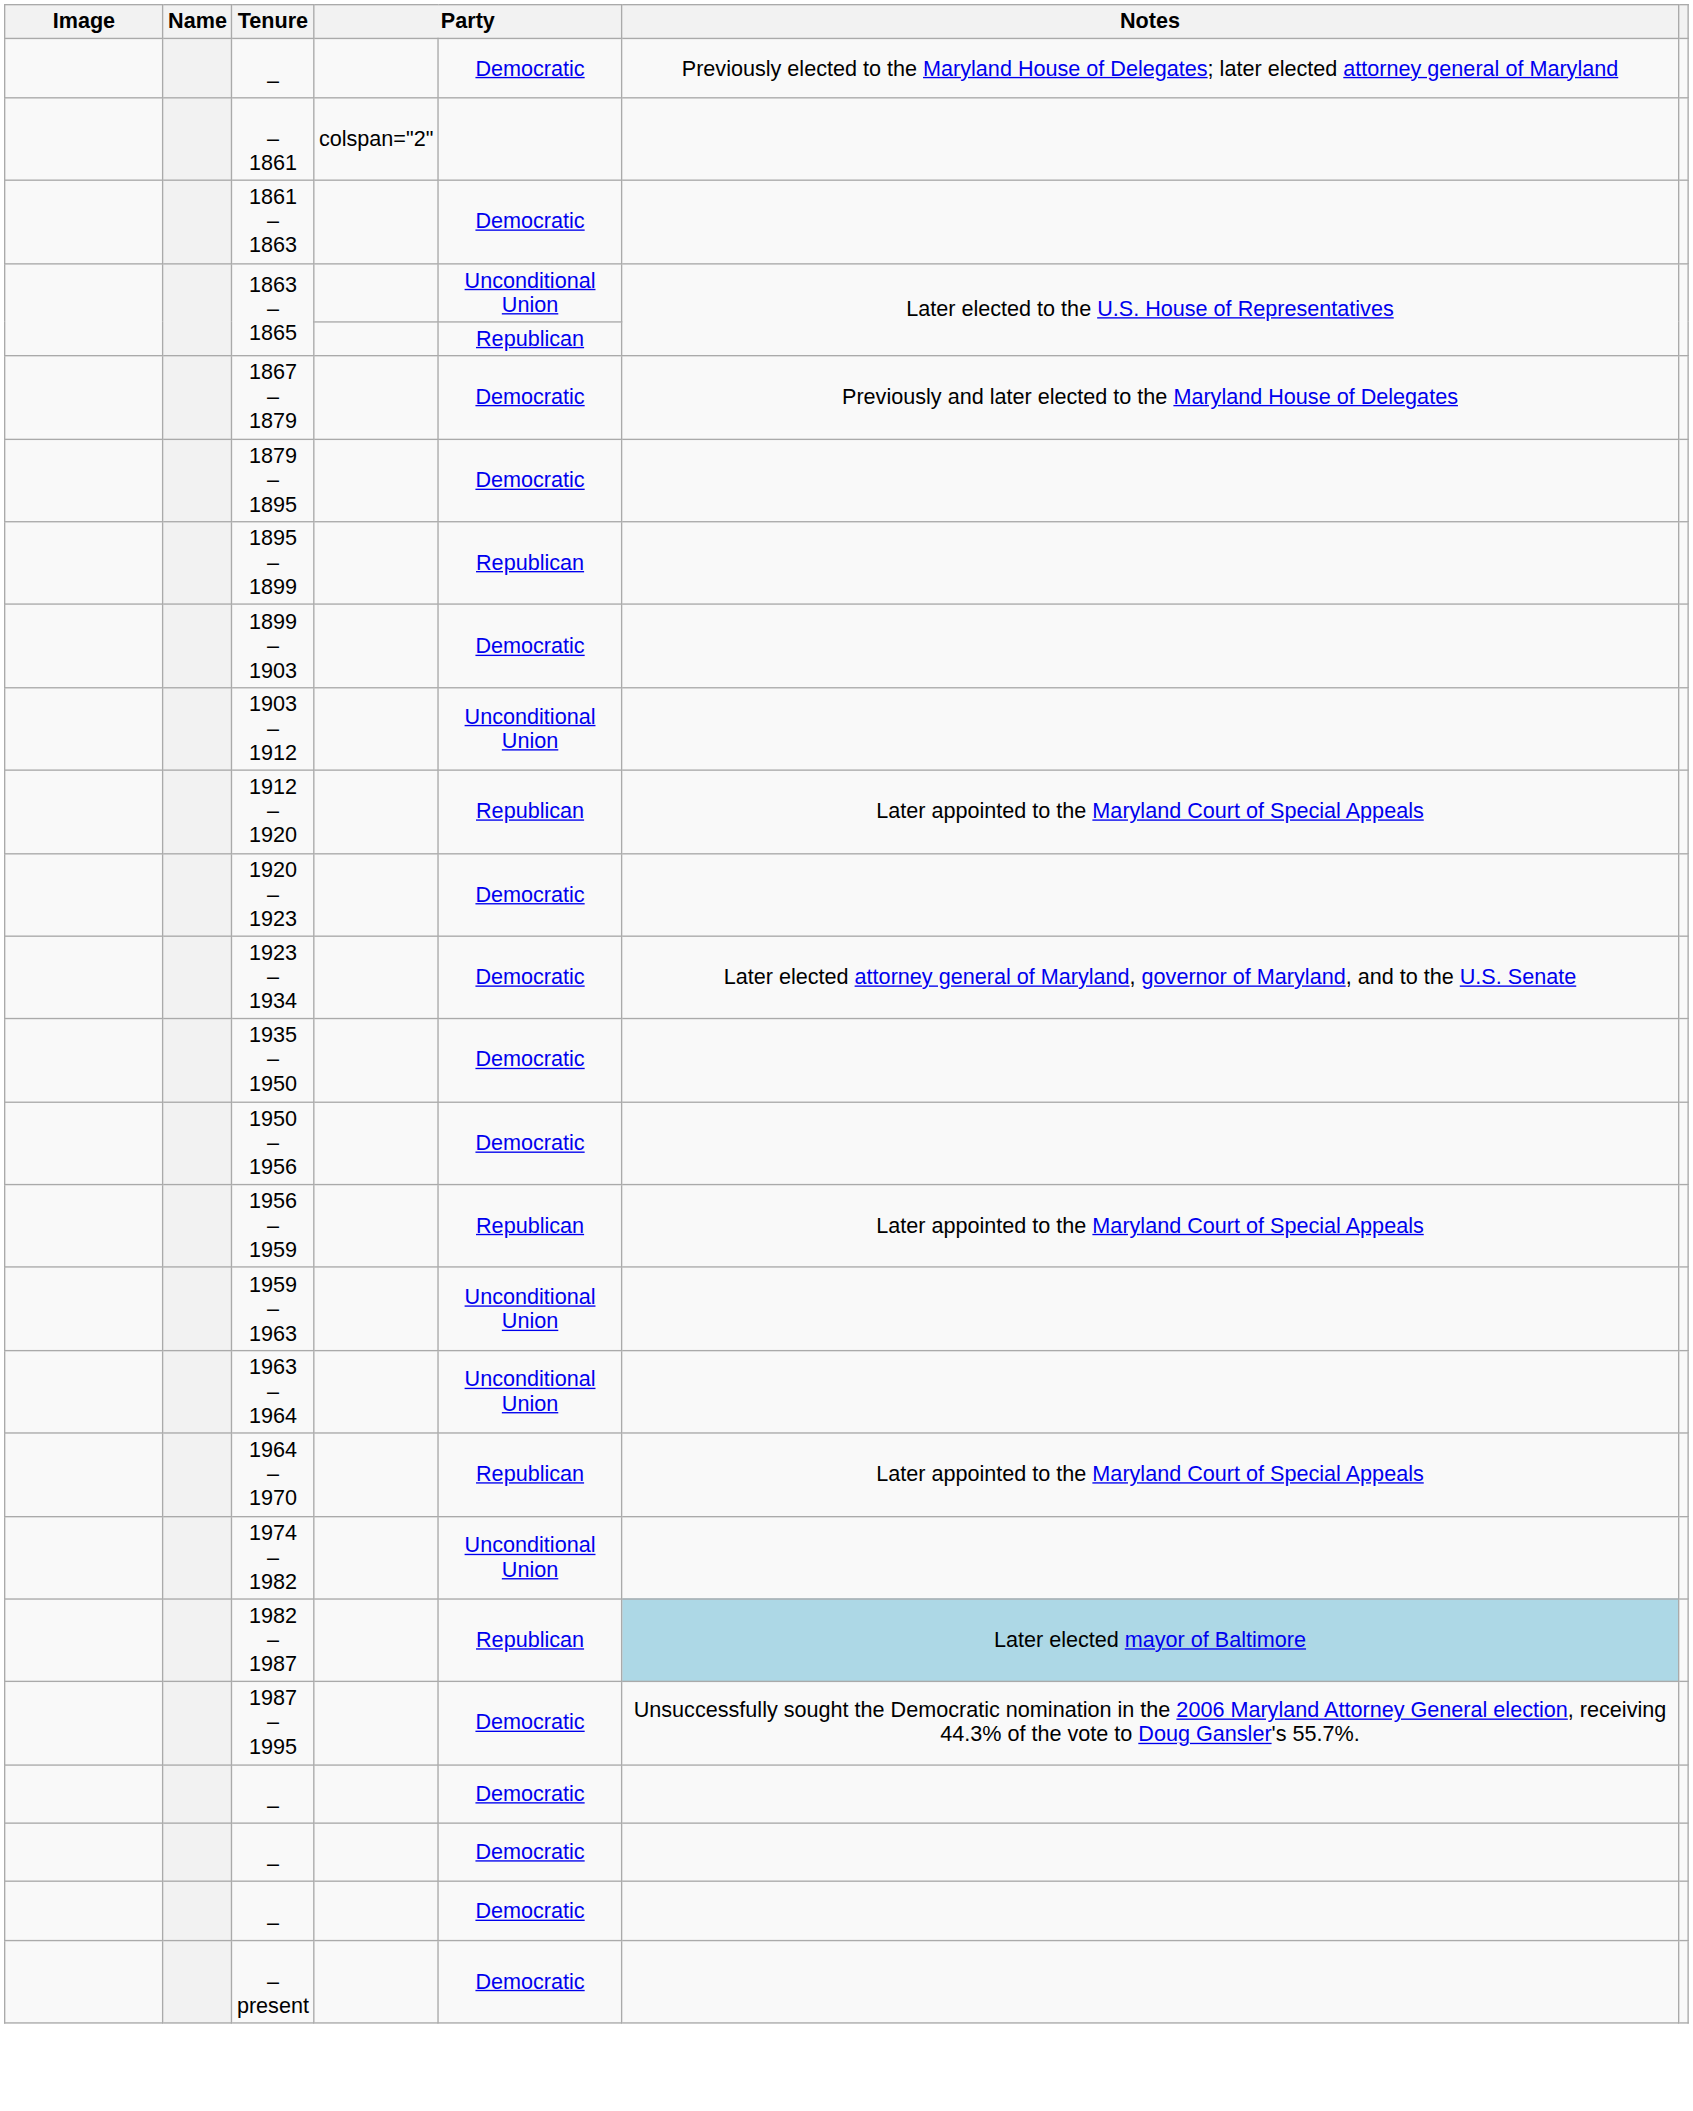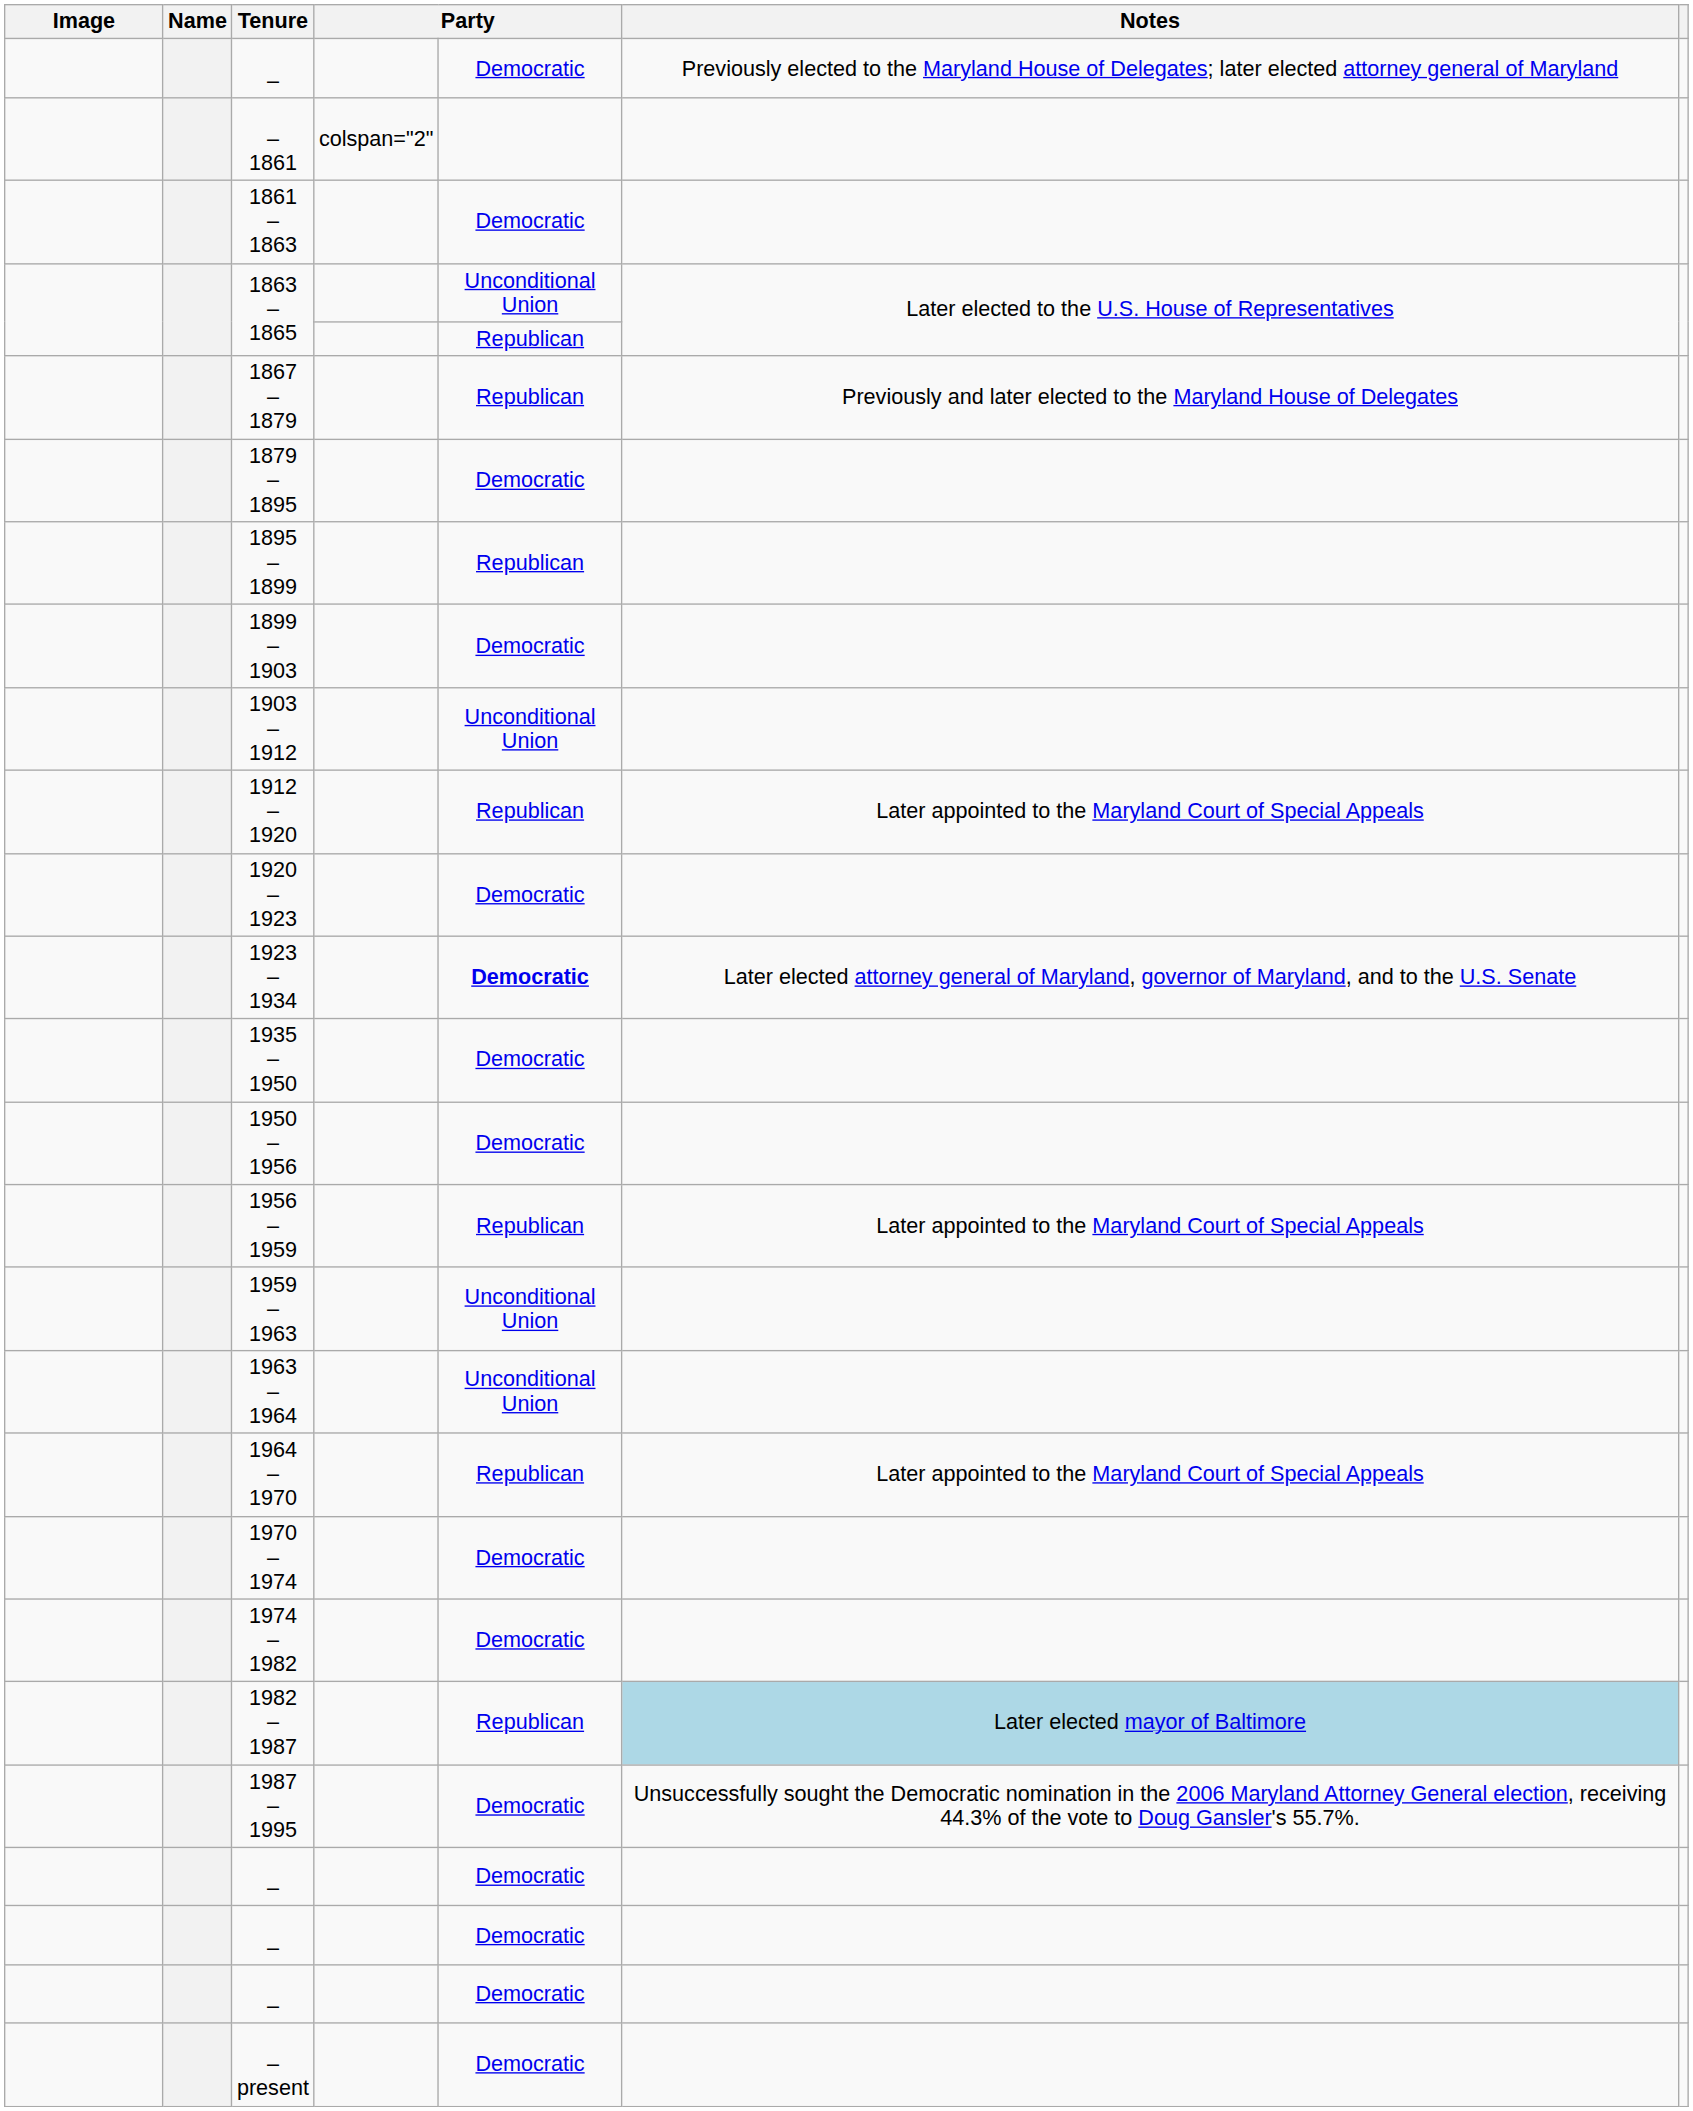 <table class="wikitable sortable sticky-header plainrowheaders" style="text-align: center; clear: both;">
 <tr>
 <th scope="col" class="unsortable" style="width: 110px;">Image</th>
 <th scope="col">Name</th>
 <th scope="col">Tenure</th>
 <th scope="colgroup" colspan="2">Party</th>
 <th scope="col" class="unsortable">Notes</th>
 <th scope="col" class="unsortable"></th>
 </tr>
 <tr>
 <td></td>
 <th scope="row" style="text-align: center;"></th>
 <td><br>–<br></td>
 <td style="background-color: "></td>
 <td><a href='#'>Democratic</a></td>
 <td>Previously elected to the <a href='#'>Maryland House of Delegates</a>; later elected <a href='#'>attorney general of Maryland</a></td>
 <td></td>
 </tr>
 <tr>
 <td></td>
 <th scope="row" style="text-align: center;"></th>
 <td><br>–<br>1861</td>
 <td>colspan="2" </td>
 <td></td>
 <td></td>
 </tr>
 <tr>
 <td></td>
 <th scope="row" style="text-align: center;"></th>
 <td>1861<br>–<br>1863</td>
 <td style="background-color: "></td>
 <td><a href='#'>Democratic</a></td>
 <td></td>
 <td></td>
 </tr>
 <tr>
 <td rowspan="2"></td>
 <th scope="rowgroup" rowspan="2" style="text-align: center;"></th>
 <td rowspan="2">1863<br>–<br>1865</td>
 <td style="background-color: "></td>
 <td><a href='#'>Unconditional Union</a></td>
 <td rowspan="2">Later elected to the <a href='#'>U.S. House of Representatives</a></td>
 <td rowspan="2"></td>
 </tr>
 <tr>
 <td style="background-color: "></td>
 <td><a href='#'>Republican</a></td>
 </tr>
 <tr>
 <td></td>
 <th scope="row" style="text-align: center;"></th>
 <td>1867<br>–<br>1879</td>
 <td style="background-color: "></td>
-<td><a href='#'>Democratic</a></td>
+<td><a href='#'>Republican</a></td>
 <td>Previously and later elected to the <a href='#'>Maryland House of Delegates</a></td>
 <td></td>
 </tr>
 <tr>
 <td></td>
 <th scope="row" style="text-align: center;"></th>
 <td>1879<br>–<br>1895</td>
 <td style="background-color: "></td>
 <td><a href='#'>Democratic</a></td>
 <td></td>
 <td></td>
 </tr>
 <tr>
 <td></td>
 <th scope="row" style="text-align: center;"></th>
 <td>1895<br>–<br>1899</td>
 <td style="background-color: "></td>
 <td><a href='#'>Republican</a></td>
 <td></td>
 <td></td>
 </tr>
 <tr>
 <td></td>
 <th scope="row" style="text-align: center;"></th>
 <td>1899<br>–<br>1903</td>
 <td style="background-color: "></td>
 <td><a href='#'>Democratic</a></td>
 <td></td>
 <td></td>
 </tr>
 <tr>
 <td></td>
 <th scope="row" style="text-align: center;"></th>
 <td>1903<br>–<br>1912</td>
 <td style="background-color: "></td>
 <td><a href='#'>Unconditional Union</a></td>
 <td></td>
 <td></td>
 </tr>
 <tr>
 <td></td>
 <th scope="row" class="nowrap" style="text-align: center;"></th>
 <td>1912<br>–<br>1920</td>
 <td style="background-color: "></td>
 <td><a href='#'>Republican</a></td>
 <td>Later appointed to the <a href='#'>Maryland Court of Special Appeals</a></td>
 <td></td>
 </tr>
 <tr>
 <td></td>
 <th scope="row" style="text-align: center;"></th>
 <td>1920<br>–<br>1923</td>
 <td style="background-color: "></td>
 <td><a href='#'>Democratic</a></td>
 <td></td>
 <td></td>
 </tr>
 <tr>
 <td></td>
 <th scope="row" style="text-align: center;"></th>
 <td>1923<br>–<br>1934</td>
 <td style="background-color: "></td>
-<td><a href='#'>Democratic</a></td>
+<td><strong><a href='#'>Democratic</a></strong></td>
 <td>Later elected <a href='#'>attorney general of Maryland</a>, <a href='#'>governor of Maryland</a>, and to the <a href='#'>U.S. Senate</a></td>
 <td></td>
 </tr>
 <tr>
 <td></td>
 <th scope="row" style="text-align: center;"></th>
 <td>1935<br>–<br>1950</td>
 <td style="background-color: "></td>
 <td><a href='#'>Democratic</a></td>
 <td></td>
 <td></td>
 </tr>
 <tr>
 <td></td>
 <th scope="row" style="text-align: center;"></th>
 <td>1950<br>–<br>1956</td>
 <td style="background-color: "></td>
 <td><a href='#'>Democratic</a></td>
 <td></td>
 <td></td>
 </tr>
 <tr>
 <td></td>
 <th scope="row" style="text-align: center;"></th>
 <td>1956<br>–<br>1959</td>
 <td style="background-color: "></td>
 <td><a href='#'>Republican</a></td>
 <td>Later appointed to the <a href='#'>Maryland Court of Special Appeals</a></td>
 <td></td>
 </tr>
 <tr>
 <td></td>
 <th scope="row" style="text-align: center;"></th>
 <td>1959<br>–<br>1963</td>
 <td style="background-color: "></td>
 <td><a href='#'>Unconditional Union</a></td>
 <td></td>
 <td></td>
 </tr>
 <tr>
 <td></td>
 <th scope="row" style="text-align: center;"></th>
 <td>1963<br>–<br>1964</td>
 <td style="background-color: "></td>
 <td><a href='#'>Unconditional Union</a></td>
 <td></td>
 <td></td>
 </tr>
 <tr>
 <td></td>
 <th scope="row" style="text-align: center;"></th>
 <td>1964<br>–<br>1970</td>
 <td style="background-color: "></td>
 <td><a href='#'>Republican</a></td>
 <td>Later appointed to the <a href='#'>Maryland Court of Special Appeals</a></td>
 <td></td>
 </tr>
 <tr>
 <td></td>
 <th scope="row" style="text-align: center;"></th>
+<td>1970<br>–<br>1974</td>
+<td style="background-color: "></td>
+<td><a href='#'>Democratic</a></td>
+<td></td>
+<td></td>
+</tr>
+<tr>
+<td></td>
+<th scope="row" style="text-align: center;"></th>
 <td>1974<br>–<br>1982</td>
 <td style="background-color: "></td>
-<td><a href='#'>Unconditional Union</a></td>
+<td><a href='#'>Democratic</a></td>
 <td></td>
 <td></td>
 </tr>
 <tr>
 <td></td>
 <th scope="row" style="text-align: center;"></th>
 <td>1982<br>–<br>1987</td>
 <td style="background-color: "></td>
 <td><a href='#'>Republican</a></td>
 <td style="background: lightblue;">Later elected <a href='#'>mayor of Baltimore</a></td>
 <td></td>
 </tr>
 <tr>
 <td></td>
 <th scope="row" style="text-align: center;"></th>
 <td>1987<br>–<br>1995</td>
 <td style="background-color: "></td>
 <td><a href='#'>Democratic</a></td>
 <td>Unsuccessfully sought the Democratic nomination in the <a href='#'>2006 Maryland Attorney General election</a>, receiving 44.3% of the vote to <a href='#'>Doug Gansler</a>'s 55.7%.</td>
 <td></td>
 </tr>
 <tr>
 <td></td>
 <th scope="row" style="text-align: center;"></th>
 <td><br>–<br></td>
 <td style="background-color: "></td>
 <td><a href='#'>Democratic</a></td>
 <td></td>
 <td></td>
 </tr>
 <tr>
 <td></td>
 <th scope="row" style="text-align: center;"></th>
 <td><br>–<br></td>
 <td style="background-color: "></td>
 <td><a href='#'>Democratic</a></td>
 <td></td>
 <td></td>
 </tr>
 <tr>
 <td></td>
 <th scope="row" style="text-align: center;"></th>
 <td><br>–<br></td>
 <td style="background-color: "></td>
 <td><a href='#'>Democratic</a></td>
 <td></td>
 <td></td>
 </tr>
 <tr>
 <td></td>
 <th scope="row" style="text-align: center;"></th>
 <td><br>–<br>present</td>
 <td style="background-color: "></td>
 <td><a href='#'>Democratic</a></td>
 <td></td>
 <td></td>
 </tr>
 </table>
